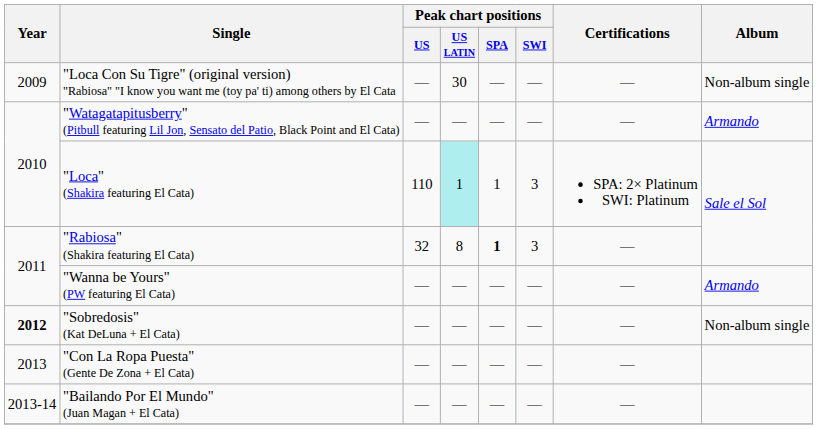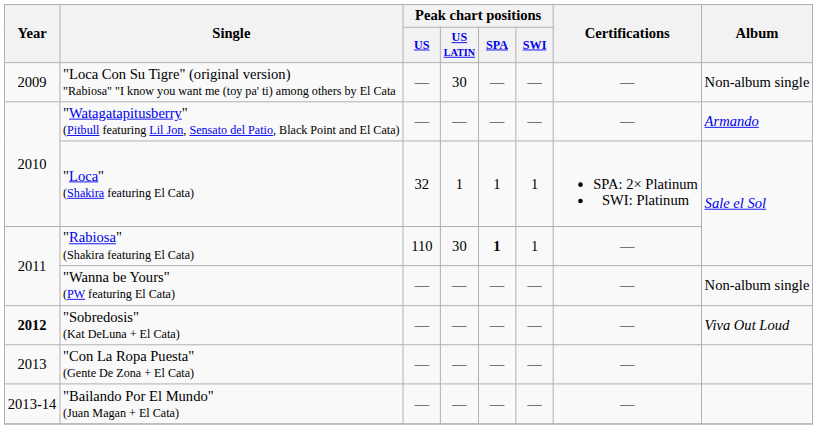 <table class="wikitable" style="text-align:center;">
 <tr>
 <th rowspan="2">Year</th>
 <th rowspan="2">Single</th>
 <th colspan="4">Peak chart positions</th>
 <th rowspan="2">Certifications</th>
 <th rowspan="2">Album</th>
 </tr>
 <tr style=font-size:smaller>
 <th width=35><a href='#'>US</a></th>
 <th width=35><a href='#'>US <br><small>LATIN</small></a></th>
 <th width=35><a href='#'>SPA</a></th>
 <th width=35><a href='#'>SWI</a></th>
 </tr>
 <tr>
 <td style="text-align:center;" rowspan="1">2009</td>
 <td align="left">"Loca Con Su Tigre" (original version) <br><small> "Rabiosa" "I know you want me (toy pa' ti) among others by El Cata</small></td>
 <td style="text-align:center;">—</td>
 <td style="text-align:center;">30</td>
 <td style="text-align:center;">—</td>
 <td style="text-align:center;">—</td>
 <td style="text-align:center;">—</td>
 <td style="text-align:left;" rowspan="1">Non-album single</td>
 </tr>
 <tr>
 <td style="text-align:center;" rowspan="2">2010</td>
 <td align="left">"<a href='#'>Watagatapitusberry</a>" <br><small> (<a href='#'>Pitbull</a> featuring <a href='#'>Lil Jon</a>, <a href='#'>Sensato del Patio</a>, Black Point and El Cata)</small></td>
 <td style="text-align:center;">—</td>
 <td style="text-align:center;">—</td>
 <td style="text-align:center;">—</td>
 <td style="text-align:center;">—</td>
 <td style="text-align:center;">—</td>
 <td style="text-align:left;" rowspan="1"><em><a href='#'>Armando</a></em></td>
 </tr>
 <tr>
 <td align="left">"<a href='#'>Loca</a>" <br><small>(<a href='#'>Shakira</a> featuring El Cata) </small></td>
-<td style="text-align:center;">110<br></td>
-<td style="background: paleturquoise; text-align:center;">1<br></td>
+<td style="text-align:center;">32<br></td>
 <td style="text-align:center;">1<br></td>
-<td style="text-align:center;">3</td>
+<td style="text-align:center;">1<br></td>
+<td style="text-align:center;">1<br></td>
 <td style="text-align:center;"><br><ul><li>SPA: 2× Platinum</li><li>SWI: Platinum </li></ul></td>
 <td style="text-align:left;" rowspan="2"><em><a href='#'>Sale el Sol</a></em></td>
 </tr>
 <tr>
 <td style="text-align:center;" rowspan="2">2011</td>
 <td align="left">"<a href='#'>Rabiosa</a>" <br><small>(Shakira featuring El Cata)</small></td>
-<td style="text-align:center;">32<br></td>
-<td style="text-align:center;">8<br></td>
+<td style="text-align:center;">110<br></td>
+<td style="text-align:center;">30</td>
 <td style="text-align:center;"><strong>1</strong></td>
-<td style="text-align:center;">3</td>
+<td style="text-align:center;">1<br></td>
 <td style="text-align:center;">—</td>
 </tr>
 <tr>
 <td align="left">"Wanna be Yours" <br><small>(<a href='#'>PW</a> featuring El Cata)</small></td>
 <td style="text-align:center;">—</td>
 <td style="text-align:center;">—</td>
 <td style="text-align:center;">—</td>
 <td style="text-align:center;">—</td>
 <td style="text-align:center;">—</td>
-<td style="text-align:left;" rowspan="1"><em><a href='#'>Armando</a></em></td>
+<td style="text-align:left;">Non-album single</td>
 </tr>
 <tr>
 <td style="text-align:center;" rowspan="1"><strong>2012</strong></td>
 <td align="left">"Sobredosis" <br><small> (Kat DeLuna + El Cata) </small></td>
 <td style="text-align:center;">—</td>
 <td style="text-align:center;">—</td>
 <td style="text-align:center;">—</td>
 <td style="text-align:center;">—</td>
 <td style="text-align:center;">—</td>
-<td style="text-align:left;" rowspan="1">Non-album single</td>
+<td style="text-align:left;"><em>Viva Out Loud</em></td>
 </tr>
 <tr>
 <td style="text-align:center;" rowspan="1">2013</td>
 <td align="left">"Con La Ropa Puesta" <br><small> (Gente De Zona + El Cata) </small></td>
 <td style="text-align:center;">—</td>
 <td style="text-align:center;">—</td>
 <td style="text-align:center;">—</td>
 <td style="text-align:center;">—</td>
 <td style="text-align:center;">—</td>
 <td style="text-align:left;"></td>
 </tr>
 <tr>
 <td style="text-align:center;" rowspan="1">2013-14</td>
 <td align="left">"Bailando Por El Mundo" <br><small> (Juan Magan + El Cata) </small></td>
 <td style="text-align:center;">—</td>
 <td style="text-align:center;">—</td>
 <td style="text-align:center;">—</td>
 <td style="text-align:center;">—</td>
 <td style="text-align:center;">—</td>
 <td style="text-align:left;"></td>
 </tr>
 <tr>
 </tr>
 </table>
